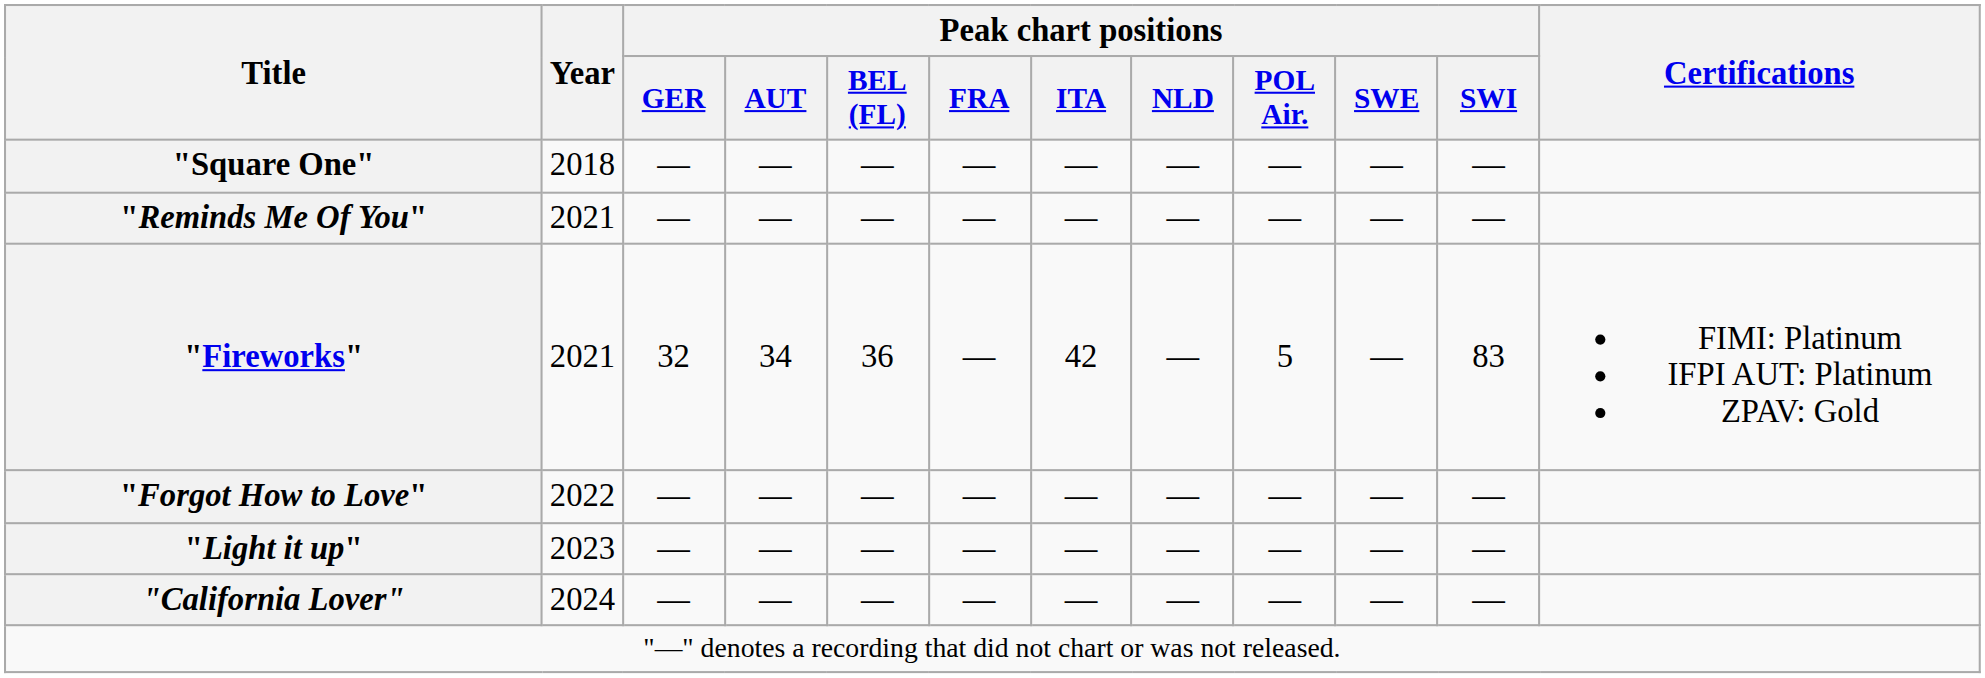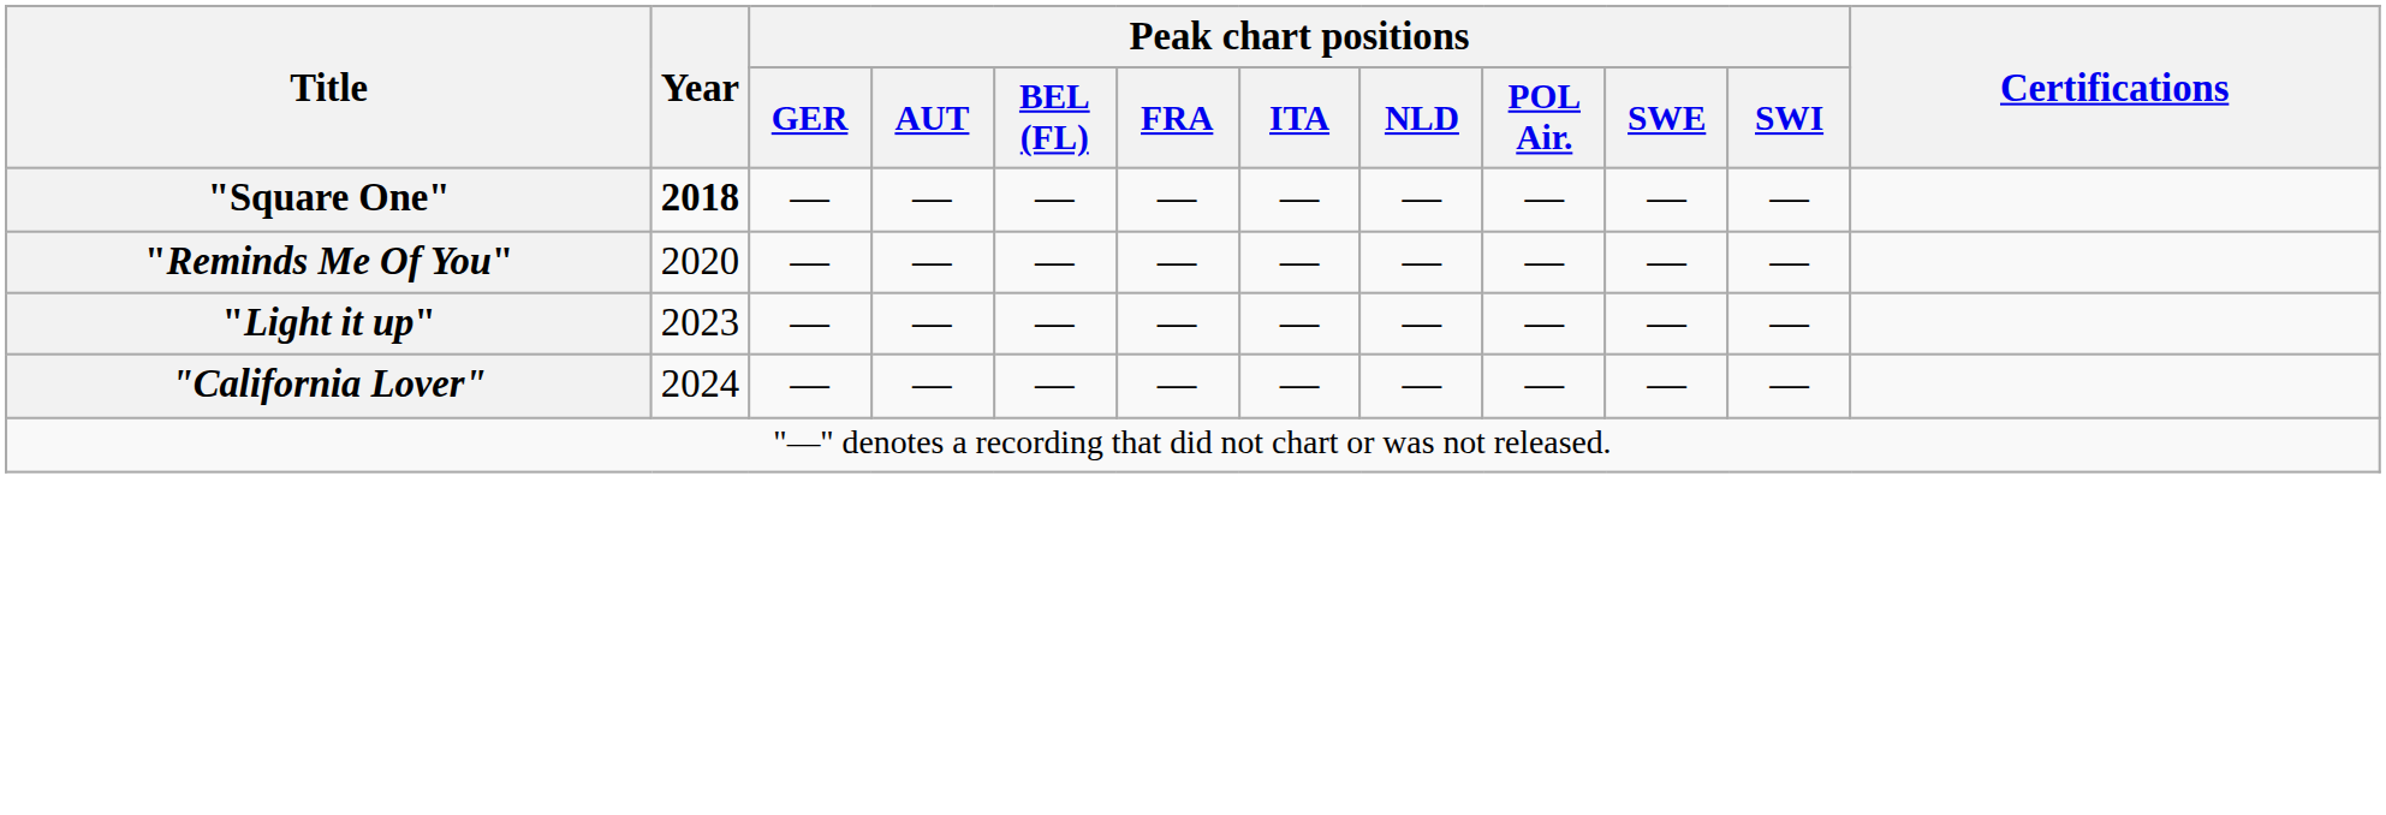 <table class="wikitable plainrowheaders" style="text-align:center;">
 <tr>
 <th rowspan="2" scope="col" style="width:16em;">Title</th>
 <th rowspan="2" scope="col">Year</th>
 <th colspan="9" scope="col">Peak chart positions</th>
 <th rowspan="2" scope="col" style="width:13em;"><a href='#'>Certifications</a></th>
 </tr>
 <tr>
 <th scope="col" style="width:3em;font-size:90%;"><a href='#'>GER</a><br></th>
 <th scope="col" style="width:3em;font-size:90%;"><a href='#'>AUT</a><br></th>
 <th scope="col" style="width:3em;font-size:90%;"><a href='#'>BEL</a><br><a href='#'>(FL)</a><br></th>
 <th scope="col" style="width:3em;font-size:90%;"><a href='#'>FRA</a></th>
 <th scope="col" style="width:3em;font-size:90%;"><a href='#'>ITA</a><br></th>
 <th scope="col" style="width:3em;font-size:90%;"><a href='#'>NLD</a></th>
 <th scope="col" style="width:3em;font-size:90%;"><a href='#'>POL</a><br><a href='#'>Air.</a> </th>
 <th scope="col" style="width:3em;font-size:90%;"><a href='#'>SWE</a></th>
 <th scope="col" style="width:3em;font-size:90%;"><a href='#'>SWI</a><br></th>
 </tr>
 <tr>
 <th scope="row">"Square One"</th>
-<td>2018</td>
+<td><strong>2018</strong></td>
 <td>—</td>
 <td>—</td>
 <td>—</td>
 <td>—</td>
 <td>—</td>
 <td>—</td>
 <td>—</td>
 <td>—</td>
 <td>—</td>
 <td></td>
 </tr>
 <tr>
 <th scope="row">"<em>Reminds Me Of You</em>"<br></th>
-<td>2021</td>
-<td>—</td>
-<td>—</td>
-<td>—</td>
-<td>—</td>
-<td>—</td>
-<td>—</td>
-<td>—</td>
-<td>—</td>
-<td>—</td>
-<td></td>
-</tr>
-<tr>
-<th scope="row">"<a href='#'>Fireworks</a>"<br></th>
-<td>2021</td>
-<td>32</td>
-<td>34</td>
-<td>36</td>
-<td>—</td>
-<td>42</td>
-<td>—</td>
-<td>5</td>
-<td>—</td>
-<td>83</td>
-<td><br><ul><li>FIMI: Platinum</li><li>IFPI AUT: Platinum</li><li>ZPAV: Gold</li></ul></td>
-</tr>
-<tr>
-<th scope="row">"<em>Forgot How to Love</em>"<br></th>
-<td>2022</td>
+<td>2020</td>
 <td>—</td>
 <td>—</td>
 <td>—</td>
 <td>—</td>
 <td>—</td>
 <td>—</td>
 <td>—</td>
 <td>—</td>
 <td>—</td>
 <td></td>
 </tr>
 <tr>
 <th scope="row">"<em>Light it up</em>"<br></th>
 <td>2023</td>
 <td>—</td>
 <td>—</td>
 <td>—</td>
 <td>—</td>
 <td>—</td>
 <td>—</td>
 <td>—</td>
 <td>—</td>
 <td>—</td>
 <td></td>
 </tr>
 <tr>
 <th scope="row"><em>"California Lover"</em></th>
 <td>2024</td>
 <td>—</td>
 <td>—</td>
 <td>—</td>
 <td>—</td>
 <td>—</td>
 <td>—</td>
 <td>—</td>
 <td>—</td>
 <td>—</td>
 <td></td>
 </tr>
 <tr>
 <td colspan="12" style="font-size:85%">"—" denotes a recording that did not chart or was not released.</td>
 </tr>
 </table>
